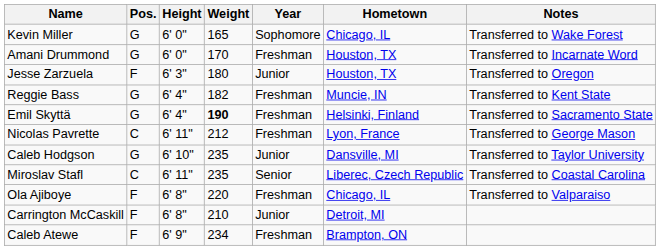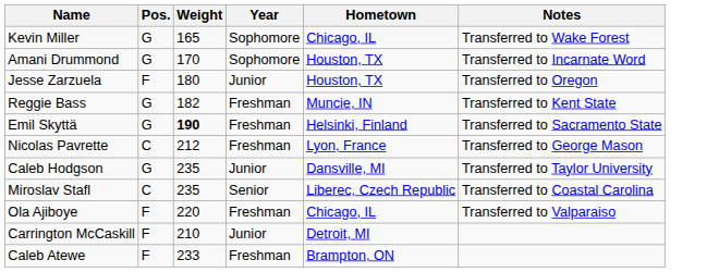 <table class="wikitable sortable" border="1">
 <tr align=center>
 <th>Name</th>
 <th>Pos.</th>
-<th>Height</th>
 <th>Weight</th>
 <th>Year</th>
 <th>Hometown</th>
 <th>Notes</th>
 </tr>
 <tr>
 <td>Kevin Miller</td>
 <td>G</td>
-<td>6' 0"</td>
 <td>165</td>
 <td>Sophomore</td>
 <td><a href='#'>Chicago, IL</a></td>
 <td>Transferred to <a href='#'>Wake Forest</a></td>
 </tr>
 <tr>
 <td>Amani Drummond</td>
 <td>G</td>
-<td>6' 0"</td>
 <td>170</td>
-<td>Freshman</td>
+<td>Sophomore</td>
 <td><a href='#'>Houston, TX</a></td>
 <td>Transferred to <a href='#'>Incarnate Word</a></td>
 </tr>
 <tr>
 <td>Jesse Zarzuela</td>
 <td>F</td>
-<td>6' 3"</td>
 <td>180</td>
 <td>Junior</td>
 <td><a href='#'>Houston, TX</a></td>
 <td>Transferred to <a href='#'>Oregon</a></td>
 </tr>
 <tr>
 <td>Reggie Bass</td>
 <td>G</td>
-<td>6' 4"</td>
 <td>182</td>
 <td>Freshman</td>
 <td><a href='#'>Muncie, IN</a></td>
 <td>Transferred to <a href='#'>Kent State</a></td>
 </tr>
 <tr>
 <td>Emil Skyttä</td>
 <td>G</td>
-<td>6' 4"</td>
 <td><strong>190</strong></td>
 <td>Freshman</td>
 <td><a href='#'>Helsinki, Finland</a></td>
 <td>Transferred to <a href='#'>Sacramento State</a></td>
 </tr>
 <tr>
 <td>Nicolas Pavrette</td>
 <td>C</td>
-<td>6' 11"</td>
 <td>212</td>
 <td>Freshman</td>
 <td><a href='#'>Lyon, France</a></td>
 <td>Transferred to <a href='#'>George Mason</a></td>
 </tr>
 <tr>
 <td>Caleb Hodgson</td>
 <td>G</td>
-<td>6' 10"</td>
 <td>235</td>
 <td>Junior</td>
 <td><a href='#'>Dansville, MI</a></td>
 <td>Transferred to <a href='#'>Taylor University</a></td>
 </tr>
 <tr>
 <td>Miroslav Stafl</td>
 <td>C</td>
-<td>6' 11"</td>
 <td>235</td>
 <td>Senior</td>
 <td><a href='#'>Liberec, Czech Republic</a></td>
 <td>Transferred to <a href='#'>Coastal Carolina</a></td>
 </tr>
 <tr>
 <td>Ola Ajiboye</td>
 <td>F</td>
-<td>6' 8"</td>
 <td>220</td>
 <td>Freshman</td>
 <td><a href='#'>Chicago, IL</a></td>
 <td>Transferred to <a href='#'>Valparaiso</a></td>
 </tr>
 <tr>
 <td>Carrington McCaskill</td>
 <td>F</td>
-<td>6' 8"</td>
 <td>210</td>
 <td>Junior</td>
 <td><a href='#'>Detroit, MI</a></td>
 <td></td>
 </tr>
 <tr>
 <td>Caleb Atewe</td>
 <td>F</td>
-<td>6' 9"</td>
-<td>234</td>
+<td>233</td>
 <td>Freshman</td>
 <td><a href='#'>Brampton, ON</a></td>
 <td></td>
 </tr>
 </table>
